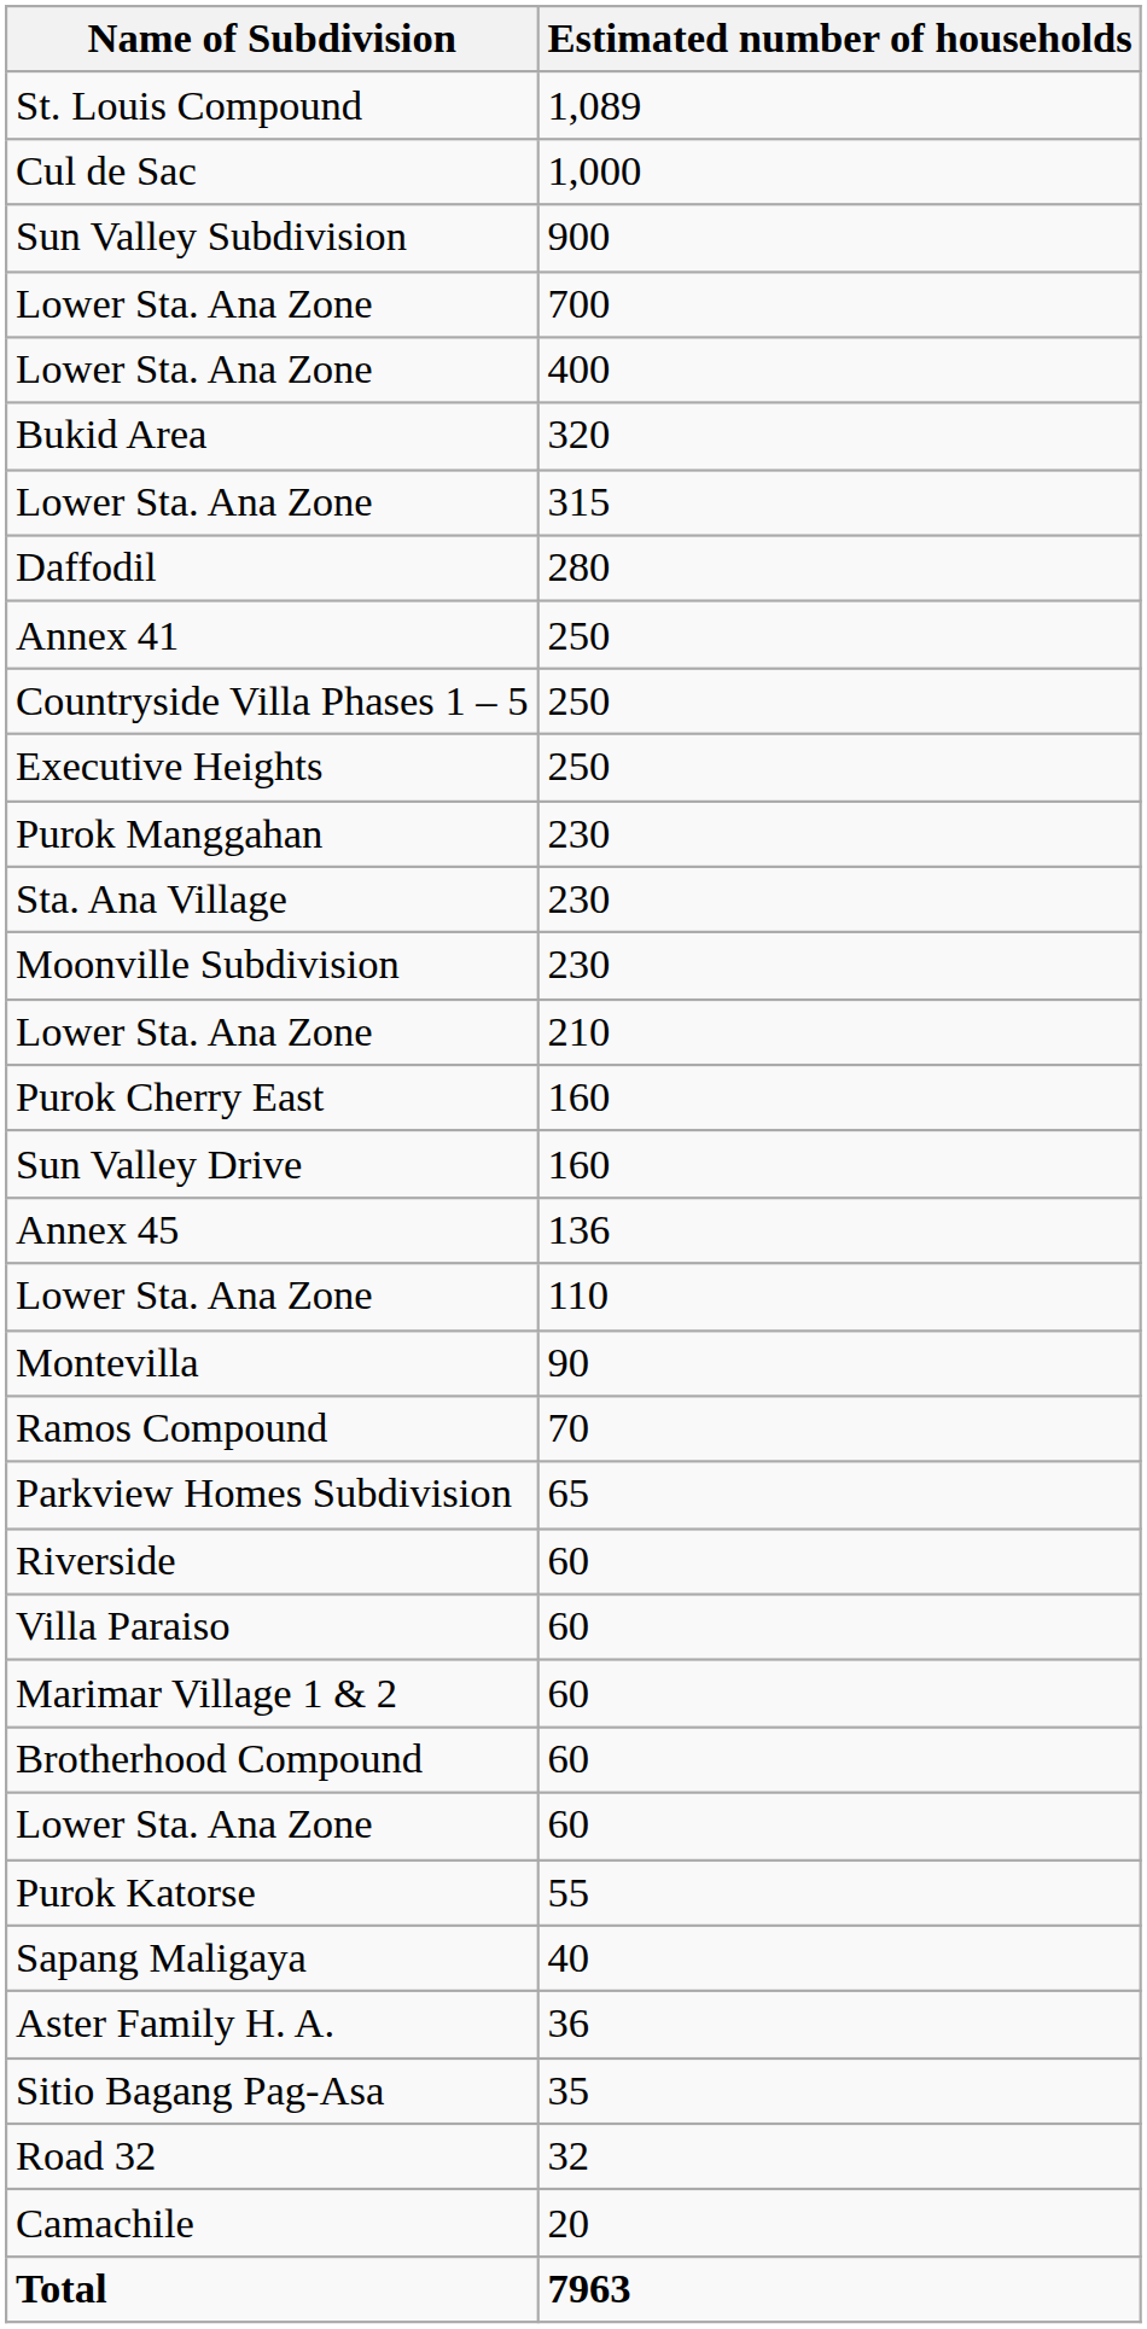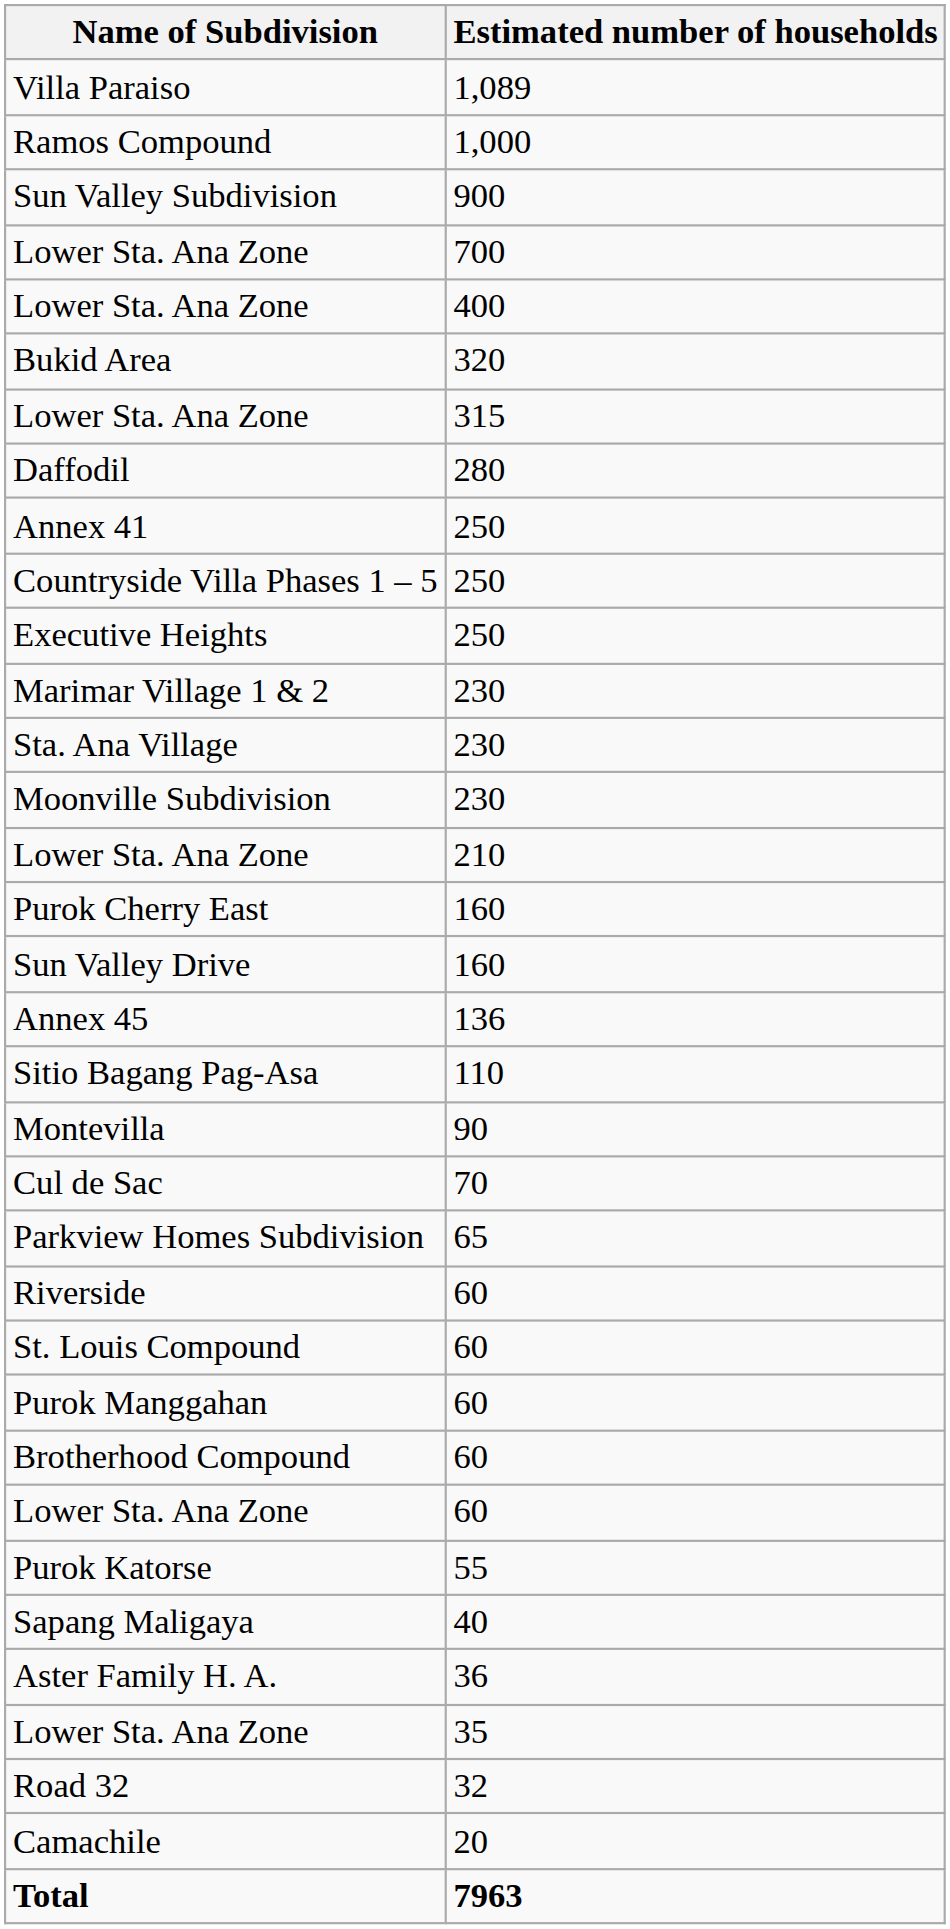 <table class="wikitable sortable">
 <tr>
 <th><strong>Name of Subdivision</strong></th>
 <th><strong>Estimated number of households</strong></th>
 </tr>
 <tr>
-<td>St. Louis Compound</td>
+<td>Villa Paraiso</td>
 <td>1,089</td>
 </tr>
 <tr>
-<td>Cul de Sac</td>
+<td>Ramos Compound</td>
 <td>1,000</td>
 </tr>
 <tr>
 <td>Sun Valley Subdivision</td>
 <td>900</td>
 </tr>
 <tr>
 <td>Lower Sta. Ana Zone</td>
 <td>700</td>
 </tr>
 <tr>
 <td>Lower Sta. Ana Zone</td>
 <td>400</td>
 </tr>
 <tr>
 <td>Bukid Area</td>
 <td>320</td>
 </tr>
 <tr>
 <td>Lower Sta. Ana Zone</td>
 <td>315</td>
 </tr>
 <tr>
 <td>Daffodil</td>
 <td>280</td>
 </tr>
 <tr>
 <td>Annex 41</td>
 <td>250</td>
 </tr>
 <tr>
 <td>Countryside Villa Phases 1 – 5</td>
 <td>250</td>
 </tr>
 <tr>
 <td>Executive Heights</td>
 <td>250</td>
 </tr>
 <tr>
-<td>Purok Manggahan</td>
+<td>Marimar Village 1 & 2</td>
 <td>230</td>
 </tr>
 <tr>
 <td>Sta. Ana Village</td>
 <td>230</td>
 </tr>
 <tr>
 <td>Moonville Subdivision</td>
 <td>230</td>
 </tr>
 <tr>
 <td>Lower Sta. Ana Zone</td>
 <td>210</td>
 </tr>
 <tr>
 <td>Purok Cherry East</td>
 <td>160</td>
 </tr>
 <tr>
 <td>Sun Valley Drive</td>
 <td>160</td>
 </tr>
 <tr>
 <td>Annex 45</td>
 <td>136</td>
 </tr>
 <tr>
-<td>Lower Sta. Ana Zone</td>
+<td>Sitio Bagang Pag-Asa</td>
 <td>110</td>
 </tr>
 <tr>
 <td>Montevilla</td>
 <td>90</td>
 </tr>
 <tr>
-<td>Ramos Compound</td>
+<td>Cul de Sac</td>
 <td>70</td>
 </tr>
 <tr>
 <td>Parkview Homes Subdivision</td>
 <td>65</td>
 </tr>
 <tr>
 <td>Riverside</td>
 <td>60</td>
 </tr>
 <tr>
-<td>Villa Paraiso</td>
+<td>St. Louis Compound</td>
 <td>60</td>
 </tr>
 <tr>
-<td>Marimar Village 1 & 2</td>
+<td>Purok Manggahan</td>
 <td>60</td>
 </tr>
 <tr>
 <td>Brotherhood Compound</td>
 <td>60</td>
 </tr>
 <tr>
 <td>Lower Sta. Ana Zone</td>
 <td>60</td>
 </tr>
 <tr>
 <td>Purok Katorse</td>
 <td>55</td>
 </tr>
 <tr>
 <td>Sapang Maligaya</td>
 <td>40</td>
 </tr>
 <tr>
 <td>Aster Family H. A.</td>
 <td>36</td>
 </tr>
 <tr>
-<td>Sitio Bagang Pag-Asa</td>
+<td>Lower Sta. Ana Zone</td>
 <td>35</td>
 </tr>
 <tr>
 <td>Road 32</td>
 <td>32</td>
 </tr>
 <tr>
 <td>Camachile</td>
 <td>20</td>
 </tr>
 <tr>
 <td><strong>Total</strong></td>
 <td><strong>7963</strong></td>
 </tr>
 </table>
